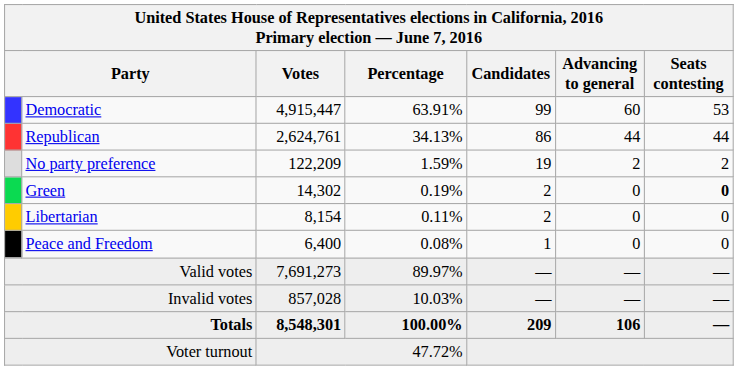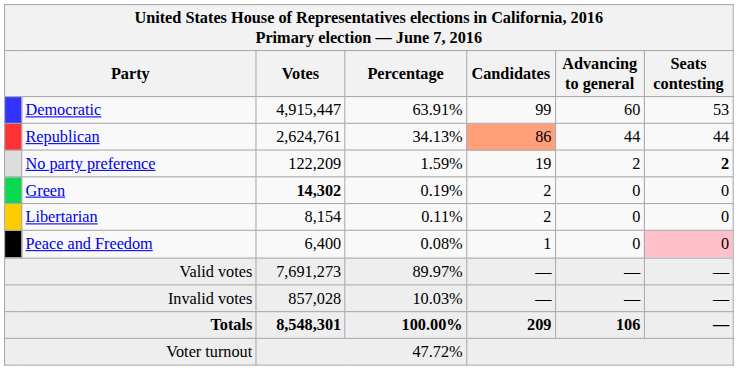 <table class="wikitable" style="font-size: 95%;">
 <tr>
 <th colspan="7">United States House of Representatives elections in California, 2016<br>Primary election — June 7, 2016</th>
 </tr>
 <tr>
 <th colspan=2 style="width: 15em">Party</th>
 <th style="width: 5em">Votes</th>
 <th style="width: 7em">Percentage</th>
 <th style="width: 5em">Candidates</th>
 <th style="width: 5em">Advancing to general</th>
 <th style="width: 5em">Seats contesting</th>
 </tr>
 <tr>
 <th style="background:#33f; width:3px;"></th>
 <td style="width: 130px"><a href='#'>Democratic</a></td>
 <td style="text-align:right;">4,915,447</td>
 <td style="text-align:right;">63.91%</td>
 <td style="text-align:right;">99</td>
 <td style="text-align:right;">60</td>
 <td style="text-align:right;">53</td>
 </tr>
 <tr>
 <th style="background:#f33; width:3px;"></th>
 <td style="width: 130px"><a href='#'>Republican</a></td>
 <td style="text-align:right;">2,624,761</td>
 <td style="text-align:right;">34.13%</td>
-<td style="text-align:right;">86</td>
+<td style="background: lightsalmon; text-align:right;">86</td>
 <td style="text-align:right;">44</td>
 <td style="text-align:right;">44</td>
 </tr>
 <tr>
 <th style="background:#ddd; width:3px;"></th>
 <td style="width: 130px"><a href='#'>No party preference</a></td>
 <td style="text-align:right;">122,209</td>
 <td style="text-align:right;">1.59%</td>
 <td style="text-align:right;">19</td>
 <td style="text-align:right;">2</td>
-<td style="text-align:right;">2</td>
+<td style="text-align:right;"><strong>2</strong></td>
 </tr>
 <tr>
 <th style="background:#0bda51; width:3px;"></th>
 <td style="width: 130px"><a href='#'>Green</a></td>
-<td style="text-align:right;">14,302</td>
+<td style="text-align:right;"><strong>14,302</strong></td>
 <td style="text-align:right;">0.19%</td>
 <td style="text-align:right;">2</td>
 <td style="text-align:right;">0</td>
-<td style="text-align:right;"><strong>0</strong></td>
+<td style="text-align:right;">0</td>
 </tr>
 <tr>
 <th style="background:#fc0; width:3px;"></th>
 <td style="width: 130px"><a href='#'>Libertarian</a></td>
 <td style="text-align:right;">8,154</td>
 <td style="text-align:right;">0.11%</td>
 <td style="text-align:right;">2</td>
 <td style="text-align:right;">0</td>
 <td style="text-align:right;">0</td>
 </tr>
 <tr>
 <th style="background:#000; width:3px;"></th>
 <td style="width: 130px"><a href='#'>Peace and Freedom</a></td>
 <td style="text-align:right;">6,400</td>
 <td style="text-align:right;">0.08%</td>
 <td style="text-align:right;">1</td>
 <td style="text-align:right;">0</td>
-<td style="text-align:right;">0</td>
+<td style="background: pink; text-align:right;">0</td>
 </tr>
 <tr style="background:#eee; text-align:right;">
 <td colspan="2">Valid votes</td>
 <td>7,691,273</td>
 <td>89.97%</td>
 <td>—</td>
 <td>—</td>
 <td>—</td>
 </tr>
 <tr style="background:#eee; text-align:right;">
 <td colspan="2">Invalid votes</td>
 <td>857,028</td>
 <td>10.03%</td>
 <td>—</td>
 <td>—</td>
 <td>—</td>
 </tr>
 <tr style="background:#eee; text-align:right;">
 <td colspan="2"><strong>Totals</strong></td>
 <td><strong>8,548,301</strong></td>
 <td><strong>100.00%</strong></td>
 <td><strong>209</strong></td>
 <td><strong>106</strong></td>
 <td><strong>—</strong></td>
 </tr>
 <tr style="background:#eee; text-align:right;">
 <td colspan="2">Voter turnout</td>
 <td colspan="2">47.72%</td>
 <td colspan="3"></td>
 </tr>
 </table>
